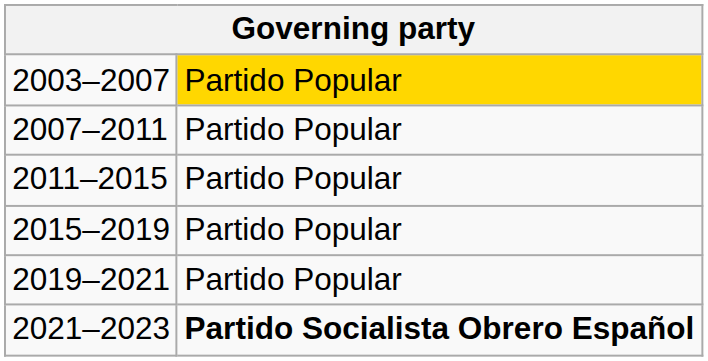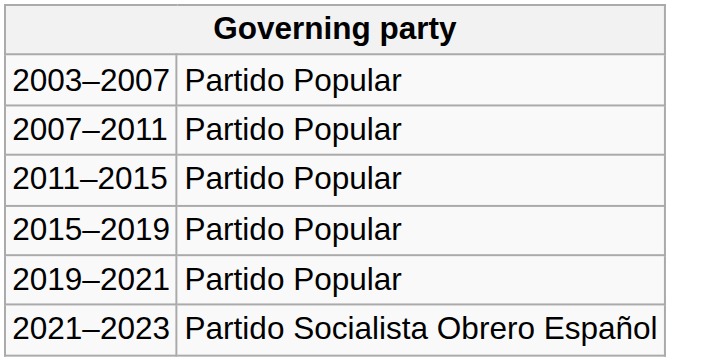 <table class="wikitable">
 <tr>
 <th colspan=2>Governing party</th>
 </tr>
 <tr>
 <td>2003–2007</td>
-<td style="background: gold;">Partido Popular</td>
+<td>Partido Popular</td>
 </tr>
 <tr>
 <td>2007–2011</td>
 <td>Partido Popular</td>
 </tr>
 <tr>
 <td>2011–2015</td>
 <td>Partido Popular</td>
 </tr>
 <tr>
 <td>2015–2019</td>
 <td>Partido Popular</td>
 </tr>
 <tr>
 <td>2019–2021</td>
 <td>Partido Popular</td>
 </tr>
 <tr>
 <td>2021–2023</td>
-<td><strong>Partido Socialista Obrero Español</strong></td>
+<td>Partido Socialista Obrero Español</td>
 </tr>
 </table>
